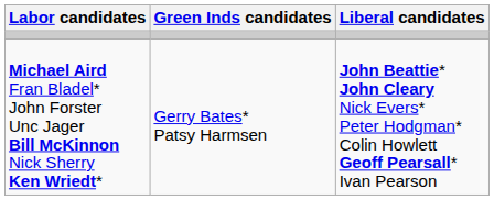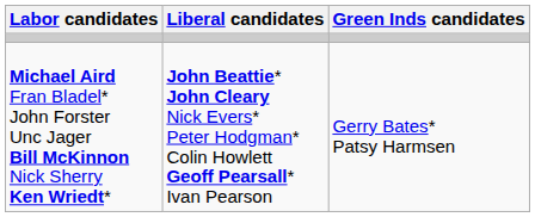 <table class="wikitable">
 <tr>
 <th><a href='#'>Labor</a> candidates</th>
+<th><a href='#'>Liberal</a> candidates</th>
 <th><a href='#'>Green Inds</a> candidates</th>
-<th><a href='#'>Liberal</a> candidates</th>
 </tr>
 <tr bgcolor="#cccccc">
 <td></td>
 <td></td>
 <td></td>
 </tr>
 <tr>
 <td><br><strong><a href='#'>Michael Aird</a></strong><br> <a href='#'>Fran Bladel</a>*<br> John Forster<br> Unc Jager<br> <strong><a href='#'>Bill McKinnon</a></strong><br> <a href='#'>Nick Sherry</a><br> <strong><a href='#'>Ken Wriedt</a></strong>*</td>
+<td><br><strong><a href='#'>John Beattie</a></strong>*<br> <strong><a href='#'>John Cleary</a></strong><br> <a href='#'>Nick Evers</a>*<br> <a href='#'>Peter Hodgman</a>*<br> Colin Howlett<br> <strong><a href='#'>Geoff Pearsall</a></strong>*<br> Ivan Pearson</td>
 <td><br><a href='#'>Gerry Bates</a>*<br> Patsy Harmsen</td>
-<td><br><strong><a href='#'>John Beattie</a></strong>*<br> <strong><a href='#'>John Cleary</a></strong><br> <a href='#'>Nick Evers</a>*<br> <a href='#'>Peter Hodgman</a>*<br> Colin Howlett<br> <strong><a href='#'>Geoff Pearsall</a></strong>*<br> Ivan Pearson</td>
 </tr>
 </table>
